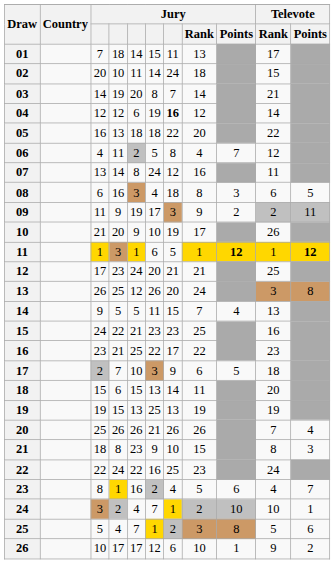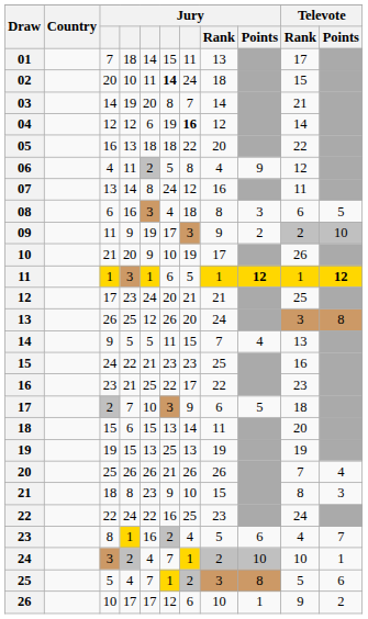 <table class="sortable wikitable collapsible plainrowheaders" style="text-align:center;">
 <tr>
 </tr>
 <tr>
 <th scope="col" rowspan="2">Draw</th>
 <th scope="col" rowspan="2">Country</th>
 <th scope="col" colspan="7">Jury</th>
 <th scope="col" colspan="2">Televote</th>
 </tr>
 <tr>
 <th scope="col"><small></small></th>
 <th scope="col"><small></small></th>
 <th scope="col"><small></small></th>
 <th scope="col"><small></small></th>
 <th scope="col"><small></small></th>
 <th scope="col">Rank</th>
 <th scope="col">Points</th>
 <th scope="col">Rank</th>
 <th scope="col">Points</th>
 </tr>
 <tr>
 <th scope="row" style="text-align:center;">01</th>
 <td style="text-align:left;"></td>
 <td>7</td>
 <td>18</td>
 <td>14</td>
 <td>15</td>
 <td>11</td>
 <td>13</td>
 <td style="background:#AAAAAA;"></td>
 <td>17</td>
 <td style="background:#AAAAAA;"></td>
 </tr>
 <tr>
 <th scope="row" style="text-align:center;">02</th>
 <td style="text-align:left;"></td>
 <td>20</td>
 <td>10</td>
 <td>11</td>
-<td>14</td>
+<td><strong>14</strong></td>
 <td>24</td>
 <td>18</td>
 <td style="background:#AAAAAA;"></td>
 <td>15</td>
 <td style="background:#AAAAAA;"></td>
 </tr>
 <tr>
 <th scope="row" style="text-align:center;">03</th>
 <td style="text-align:left;"></td>
 <td>14</td>
 <td>19</td>
 <td>20</td>
 <td>8</td>
 <td>7</td>
 <td>14</td>
 <td style="background:#AAAAAA;"></td>
 <td>21</td>
 <td style="background:#AAAAAA;"></td>
 </tr>
 <tr>
 <th scope="row" style="text-align:center;">04</th>
 <td style="text-align:left;"></td>
 <td>12</td>
 <td>12</td>
 <td>6</td>
 <td>19</td>
 <td><strong>16</strong></td>
 <td>12</td>
 <td style="background:#AAAAAA;"></td>
 <td>14</td>
 <td style="background:#AAAAAA;"></td>
 </tr>
 <tr>
 <th scope="row" style="text-align:center;">05</th>
 <td style="text-align:left;"></td>
 <td>16</td>
 <td>13</td>
 <td>18</td>
 <td>18</td>
 <td>22</td>
 <td>20</td>
 <td style="background:#AAAAAA;"></td>
 <td>22</td>
 <td style="background:#AAAAAA;"></td>
 </tr>
 <tr>
 <th scope="row" style="text-align:center;">06</th>
 <td style="text-align:left;"></td>
 <td>4</td>
 <td>11</td>
 <td style="background:silver;">2</td>
 <td>5</td>
 <td>8</td>
 <td>4</td>
-<td>7</td>
+<td>9</td>
 <td>12</td>
 <td style="background:#AAAAAA;"></td>
 </tr>
 <tr>
 <th scope="row" style="text-align:center;">07</th>
 <td style="text-align:left;"></td>
 <td>13</td>
 <td>14</td>
 <td>8</td>
 <td>24</td>
 <td>12</td>
 <td>16</td>
 <td style="background:#AAAAAA;"></td>
 <td>11</td>
 <td style="background:#AAAAAA;"></td>
 </tr>
 <tr>
 <th scope="row" style="text-align:center;">08</th>
 <td style="text-align:left;"></td>
 <td>6</td>
 <td>16</td>
 <td style="background:#CC9966;">3</td>
 <td>4</td>
 <td>18</td>
 <td>8</td>
 <td>3</td>
 <td>6</td>
 <td>5</td>
 </tr>
 <tr>
 <th scope="row" style="text-align:center;">09</th>
 <td style="text-align:left;"></td>
 <td>11</td>
 <td>9</td>
 <td>19</td>
 <td>17</td>
 <td style="background:#CC9966;">3</td>
 <td>9</td>
 <td>2</td>
 <td style="background:silver;">2</td>
-<td style="background:silver;">11</td>
+<td style="background:silver;">10</td>
 </tr>
 <tr>
 <th scope="row" style="text-align:center;">10</th>
 <td style="text-align:left;"></td>
 <td>21</td>
 <td>20</td>
 <td>9</td>
 <td>10</td>
 <td>19</td>
 <td>17</td>
 <td style="background:#AAAAAA;"></td>
 <td>26</td>
 <td style="background:#AAAAAA;"></td>
 </tr>
 <tr>
 <th scope="row" style="text-align:center;">11</th>
 <td style="text-align:left;"></td>
 <td style="background:gold;">1</td>
 <td style="background:#CC9966;">3</td>
 <td style="background:gold;">1</td>
 <td>6</td>
 <td>5</td>
 <td style="background:gold;">1</td>
 <td style="background:gold;"><strong>12</strong></td>
 <td style="background:gold;">1</td>
 <td style="background:gold;"><strong>12</strong></td>
 </tr>
 <tr>
 <th scope="row" style="text-align:center;">12</th>
 <td style="text-align:left;"></td>
 <td>17</td>
 <td>23</td>
 <td>24</td>
 <td>20</td>
 <td>21</td>
 <td>21</td>
 <td style="background:#AAAAAA;"></td>
 <td>25</td>
 <td style="background:#AAAAAA;"></td>
 </tr>
 <tr>
 <th scope="row" style="text-align:center;">13</th>
 <td style="text-align:left;"></td>
 <td>26</td>
 <td>25</td>
 <td>12</td>
 <td>26</td>
 <td>20</td>
 <td>24</td>
 <td style="background:#AAAAAA;"></td>
 <td style="background:#CC9966;">3</td>
 <td style="background:#CC9966;">8</td>
 </tr>
 <tr>
 <th scope="row" style="text-align:center;">14</th>
 <td style="text-align:left;"></td>
 <td>9</td>
 <td>5</td>
 <td>5</td>
 <td>11</td>
 <td>15</td>
 <td>7</td>
 <td>4</td>
 <td>13</td>
 <td style="background:#AAAAAA;"></td>
 </tr>
 <tr>
 <th scope="row" style="text-align:center;">15</th>
 <td style="text-align:left;"></td>
 <td>24</td>
 <td>22</td>
 <td>21</td>
 <td>23</td>
 <td>23</td>
 <td>25</td>
 <td style="background:#AAAAAA;"></td>
 <td>16</td>
 <td style="background:#AAAAAA;"></td>
 </tr>
 <tr>
 <th scope="row" style="text-align:center;">16</th>
 <td style="text-align:left;"></td>
 <td>23</td>
 <td>21</td>
 <td>25</td>
 <td>22</td>
 <td>17</td>
 <td>22</td>
 <td style="background:#AAAAAA;"></td>
 <td>23</td>
 <td style="background:#AAAAAA;"></td>
 </tr>
 <tr>
 <th scope="row" style="text-align:center;">17</th>
 <td style="text-align:left;"></td>
 <td style="background:silver;">2</td>
 <td>7</td>
 <td>10</td>
 <td style="background:#CC9966;">3</td>
 <td>9</td>
 <td>6</td>
 <td>5</td>
 <td>18</td>
 <td style="background:#AAAAAA;"></td>
 </tr>
 <tr>
 <th scope="row" style="text-align:center;">18</th>
 <td style="text-align:left;"></td>
 <td>15</td>
 <td>6</td>
 <td>15</td>
 <td>13</td>
 <td>14</td>
 <td>11</td>
 <td style="background:#AAAAAA;"></td>
 <td>20</td>
 <td style="background:#AAAAAA;"></td>
 </tr>
 <tr>
 <th scope="row" style="text-align:center;">19</th>
 <td style="text-align:left;"></td>
 <td>19</td>
 <td>15</td>
 <td>13</td>
 <td>25</td>
 <td>13</td>
 <td>19</td>
 <td style="background:#AAAAAA;"></td>
 <td>19</td>
 <td style="background:#AAAAAA;"></td>
 </tr>
 <tr>
 <th scope="row" style="text-align:center;">20</th>
 <td style="text-align:left;"></td>
 <td>25</td>
 <td>26</td>
 <td>26</td>
 <td>21</td>
 <td>26</td>
 <td>26</td>
 <td style="background:#AAAAAA;"></td>
 <td>7</td>
 <td>4</td>
 </tr>
 <tr>
 <th scope="row" style="text-align:center;">21</th>
 <td style="text-align:left;"></td>
 <td>18</td>
 <td>8</td>
 <td>23</td>
 <td>9</td>
 <td>10</td>
 <td>15</td>
 <td style="background:#AAAAAA;"></td>
 <td>8</td>
 <td>3</td>
 </tr>
 <tr>
 <th scope="row" style="text-align:center;">22</th>
 <td style="text-align:left;"></td>
 <td>22</td>
 <td>24</td>
 <td>22</td>
 <td>16</td>
 <td>25</td>
 <td>23</td>
 <td style="background:#AAAAAA;"></td>
 <td>24</td>
 <td style="background:#AAAAAA;"></td>
 </tr>
 <tr>
 <th scope="row" style="text-align:center;">23</th>
 <td style="text-align:left;"></td>
 <td>8</td>
 <td style="background:gold;">1</td>
 <td>16</td>
 <td style="background:silver;">2</td>
 <td>4</td>
 <td>5</td>
 <td>6</td>
 <td>4</td>
 <td>7</td>
 </tr>
 <tr>
 <th scope="row" style="text-align:center;">24</th>
 <td style="text-align:left;"></td>
 <td style="background:#CC9966;">3</td>
 <td style="background:silver;">2</td>
 <td>4</td>
 <td>7</td>
 <td style="background:gold;">1</td>
 <td style="background:silver;">2</td>
 <td style="background:silver;">10</td>
 <td>10</td>
 <td>1</td>
 </tr>
 <tr>
 <th scope="row" style="text-align:center;">25</th>
 <td style="text-align:left;"></td>
 <td>5</td>
 <td>4</td>
 <td>7</td>
 <td style="background:gold;">1</td>
 <td style="background:silver;">2</td>
 <td style="background:#CC9966;">3</td>
 <td style="background:#CC9966;">8</td>
 <td>5</td>
 <td>6</td>
 </tr>
 <tr>
 <th scope="row" style="text-align:center;">26</th>
 <td style="text-align:left;"></td>
 <td>10</td>
 <td>17</td>
 <td>17</td>
 <td>12</td>
 <td>6</td>
 <td>10</td>
 <td>1</td>
 <td>9</td>
 <td>2</td>
 </tr>
 </table>
